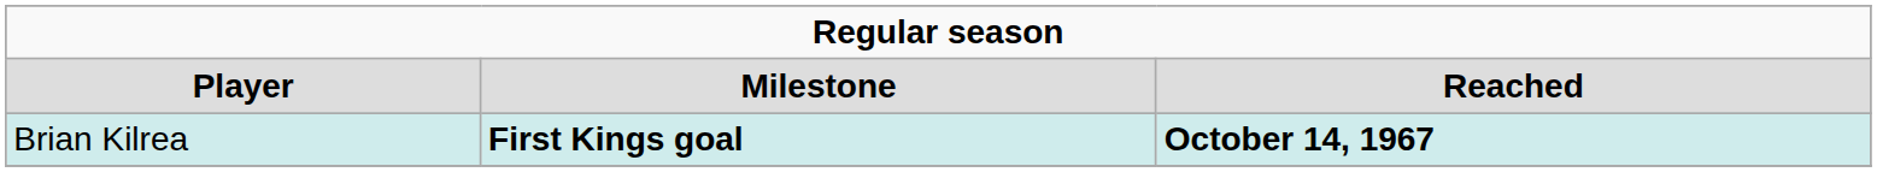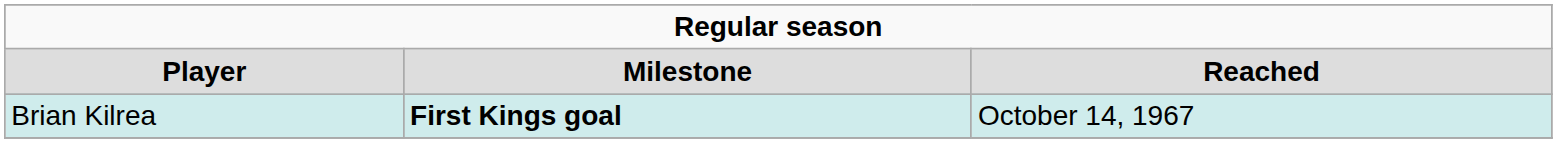 <table class="wikitable" width="70%">
 <tr>
 <td colspan="10" align="center"><strong>Regular season</strong></td>
 </tr>
 <tr align="center"  bgcolor="#dddddd">
 <td><strong>Player</strong></td>
 <td><strong>Milestone</strong></td>
 <td><strong>Reached</strong></td>
 </tr>
 <tr bgcolor="#CFECEC">
 <td>Brian Kilrea</td>
 <td><strong>First Kings goal</strong></td>
-<td><strong>October 14, 1967</strong></td>
+<td>October 14, 1967</td>
 </tr>
 <tr>
 </tr>
 </table>
